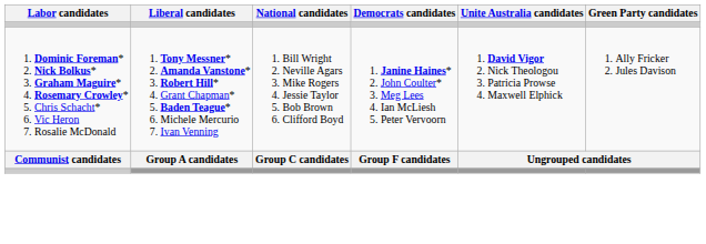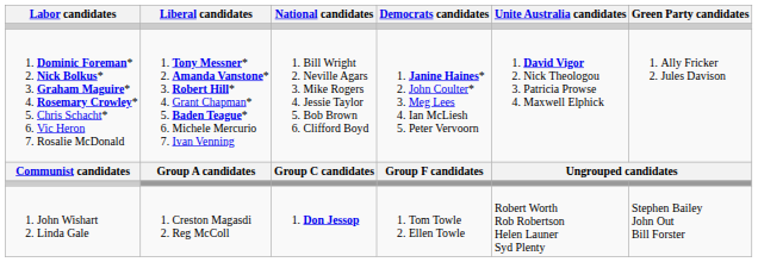 <table class="wikitable">
 <tr>
 <th><a href='#'>Labor</a> candidates</th>
 <th><a href='#'>Liberal</a> candidates</th>
 <th><a href='#'>National</a> candidates</th>
 <th><a href='#'>Democrats</a> candidates</th>
 <th><a href='#'>Unite Australia</a> candidates</th>
 <th>Green Party candidates</th>
 </tr>
 <tr bgcolor="#cccccc">
 <td></td>
 <td></td>
 <td></td>
 <td></td>
 <td></td>
 <td></td>
 </tr>
 <tr>
 <td><br><ol><li><strong><a href='#'>Dominic Foreman</a></strong>*</li><li><strong><a href='#'>Nick Bolkus</a></strong>*</li><li><strong><a href='#'>Graham Maguire</a></strong>*</li><li><strong><a href='#'>Rosemary Crowley</a></strong>*</li><li><a href='#'>Chris Schacht</a>*</li><li><a href='#'>Vic Heron</a></li><li>Rosalie McDonald</li></ol></td>
 <td><br><ol><li><strong><a href='#'>Tony Messner</a></strong>*</li><li><strong><a href='#'>Amanda Vanstone</a></strong>*</li><li><strong><a href='#'>Robert Hill</a></strong>*</li><li><a href='#'>Grant Chapman</a>*</li><li><strong><a href='#'>Baden Teague</a></strong>*</li><li>Michele Mercurio</li><li><a href='#'>Ivan Venning</a></li></ol></td>
 <td valign=top><br><ol><li>Bill Wright</li><li>Neville Agars</li><li>Mike Rogers</li><li>Jessie Taylor</li><li>Bob Brown</li><li>Clifford Boyd</li></ol></td>
 <td><br><ol><li><strong><a href='#'>Janine Haines</a></strong>*</li><li><a href='#'>John Coulter</a>*</li><li><a href='#'>Meg Lees</a></li><li>Ian McLiesh</li><li>Peter Vervoorn</li></ol></td>
 <td valign=top><br><ol><li><strong><a href='#'>David Vigor</a></strong></li><li>Nick Theologou</li><li>Patricia Prowse</li><li>Maxwell Elphick</li></ol></td>
 <td valign=top><br><ol><li>Ally Fricker</li><li>Jules Davison</li></ol></td>
 </tr>
 <tr bgcolor="#cccccc">
 <th><a href='#'>Communist</a> candidates</th>
 <th>Group A candidates</th>
 <th>Group C candidates</th>
 <th>Group F candidates</th>
 <th colspan="2">Ungrouped candidates</th>
 </tr>
 <tr bgcolor="#cccccc">
 <td></td>
 <td bgcolor="#999999"></td>
 <td bgcolor="#999999"></td>
 <td bgcolor="#999999"></td>
 <td bgcolor="#999999"></td>
 <td bgcolor="#999999"></td>
 </tr>
+<tr>
+<td valign=top><br><ol><li>John Wishart</li><li>Linda Gale</li></ol></td>
+<td Valign=top><br><ol><li>Creston Magasdi</li><li>Reg McColl</li></ol></td>
+<td valign=top><br><ol><li><strong><a href='#'>Don Jessop</a></strong></li></ol></td>
+<td valign=top><br><ol><li>Tom Towle</li><li>Ellen Towle</li></ol></td>
+<td valign=top><br>Robert Worth<br> Rob Robertson<br> Helen Launer<br> Syd Plenty</td>
+<td valign=top><br>Stephen Bailey<br> John Out<br> Bill Forster</td>
+</tr>
 </table>
